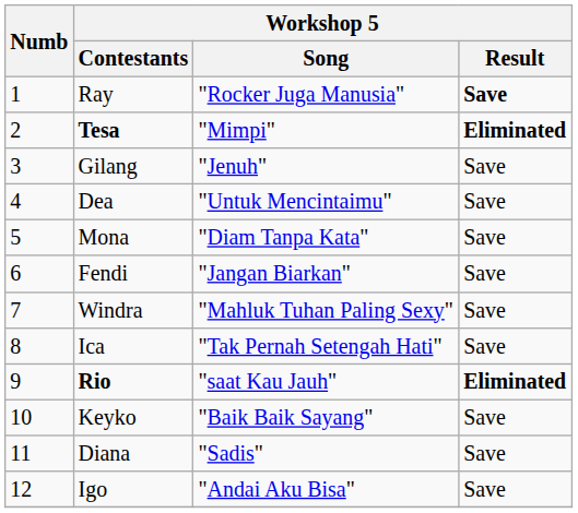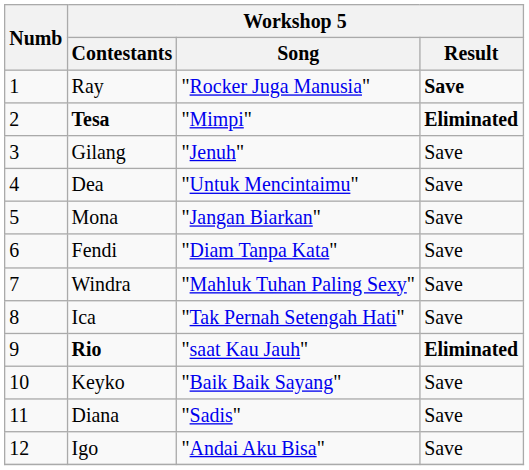 <table class="wikitable" style="font-size:95%;">
 <tr>
 <th rowspan="2">Numb</th>
 <th colspan="3">Workshop 5</th>
 </tr>
 <tr>
 <th>Contestants</th>
 <th>Song </th>
 <th>Result</th>
 </tr>
 <tr>
 <td>1</td>
 <td>Ray</td>
 <td>"<a href='#'>Rocker Juga Manusia</a>" </td>
 <td><strong>Save</strong></td>
 </tr>
 <tr>
 <td>2</td>
 <td><strong>Tesa</strong></td>
 <td>"<a href='#'>Mimpi</a>" </td>
 <td><strong>Eliminated</strong></td>
 </tr>
 <tr>
 <td>3</td>
 <td>Gilang</td>
 <td>"<a href='#'>Jenuh</a>" </td>
 <td>Save</td>
 </tr>
 <tr>
 <td>4</td>
 <td>Dea</td>
 <td>"<a href='#'>Untuk Mencintaimu</a>" </td>
 <td>Save</td>
 </tr>
 <tr>
 <td>5</td>
 <td>Mona</td>
-<td>"<a href='#'>Diam Tanpa Kata</a>" </td>
+<td>"<a href='#'>Jangan Biarkan</a>" </td>
 <td>Save</td>
 </tr>
 <tr>
 <td>6</td>
 <td>Fendi</td>
-<td>"<a href='#'>Jangan Biarkan</a>" </td>
+<td>"<a href='#'>Diam Tanpa Kata</a>" </td>
 <td>Save</td>
 </tr>
 <tr>
 <td>7</td>
 <td>Windra</td>
 <td>"<a href='#'>Mahluk Tuhan Paling Sexy</a>" </td>
 <td>Save</td>
 </tr>
 <tr>
 <td>8</td>
 <td>Ica</td>
 <td>"<a href='#'>Tak Pernah Setengah Hati</a>" </td>
 <td>Save</td>
 </tr>
 <tr>
 <td>9</td>
 <td><strong>Rio</strong></td>
 <td>"<a href='#'>saat Kau Jauh</a>" </td>
 <td><strong>Eliminated</strong></td>
 </tr>
 <tr>
 <td>10</td>
 <td>Keyko</td>
 <td>"<a href='#'>Baik Baik Sayang</a>" </td>
 <td>Save</td>
 </tr>
 <tr>
 <td>11</td>
 <td>Diana</td>
 <td>"<a href='#'>Sadis</a>" </td>
 <td>Save</td>
 </tr>
 <tr>
 <td>12</td>
 <td>Igo</td>
 <td>"<a href='#'>Andai Aku Bisa</a>" </td>
 <td>Save</td>
 </tr>
 <tr>
 </tr>
 </table>
